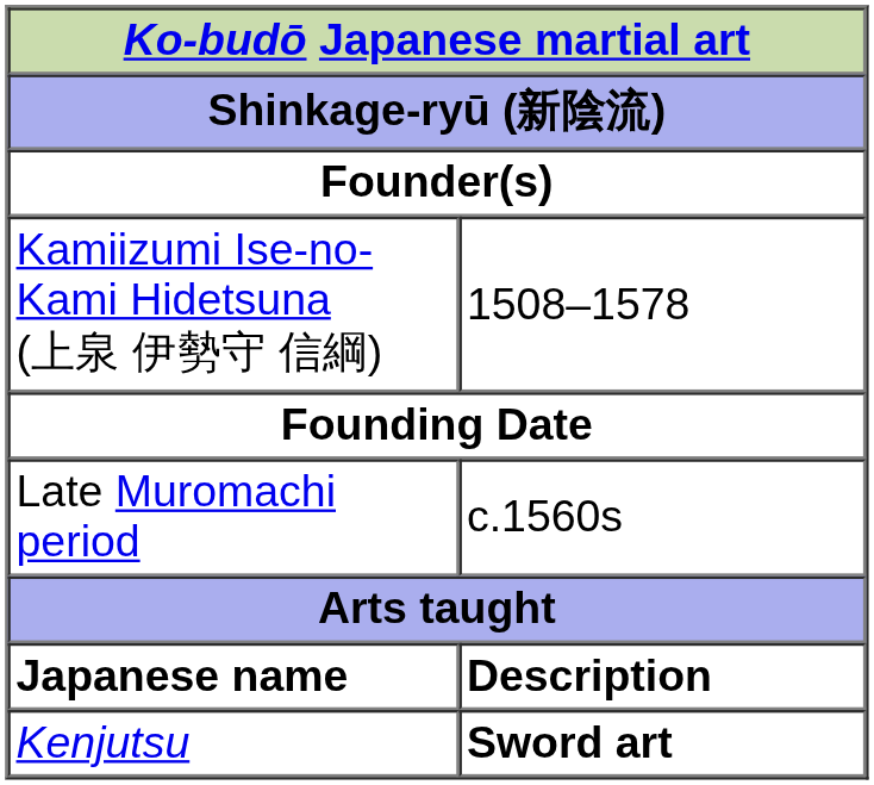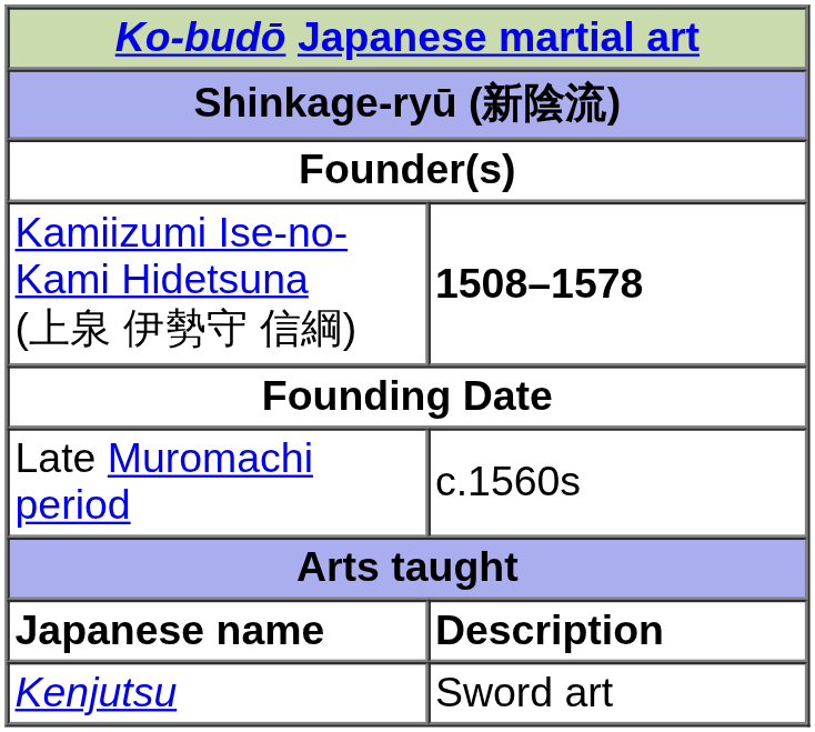 <table border="1" cellpadding="2" width="310" cellpadding="2" cellspacing="0" style="float:right;clear:right;">
 <tr>
 <th colspan="2"  bgcolor="#CADCAD"><em><a href='#'>Ko-budō</a></em> <a href='#'>Japanese martial art</a></th>
 </tr>
 <tr>
 <th colspan="2" bgcolor="#AAAEEE">Shinkage-ryū (新陰流)</th>
 </tr>
 <tr>
 <th colspan="2">Founder(s)</th>
 </tr>
 <tr>
 <td width="170"><a href='#'>Kamiizumi Ise-no-Kami Hidetsuna</a><br>(上泉 伊勢守 信綱)</td>
-<td width="140">1508–1578</td>
+<td width="140"><strong>1508–1578</strong></td>
 </tr>
 <tr>
 <th colspan="3">Founding Date</th>
 </tr>
 <tr>
 <td width="170">Late <a href='#'>Muromachi period</a></td>
 <td width="140">c.1560s</td>
 </tr>
 <tr>
 <th colspan="2" bgcolor="#AAAEEE">Arts taught</th>
 </tr>
 <tr>
 <td width="170"><strong>Japanese name</strong></td>
 <td width="150"><strong>Description</strong></td>
 </tr>
 <tr>
 <td width="170"><em><a href='#'>Kenjutsu</a></em></td>
-<td width="150"><strong>Sword art</strong></td>
+<td width="150">Sword art</td>
 </tr>
 </table>
